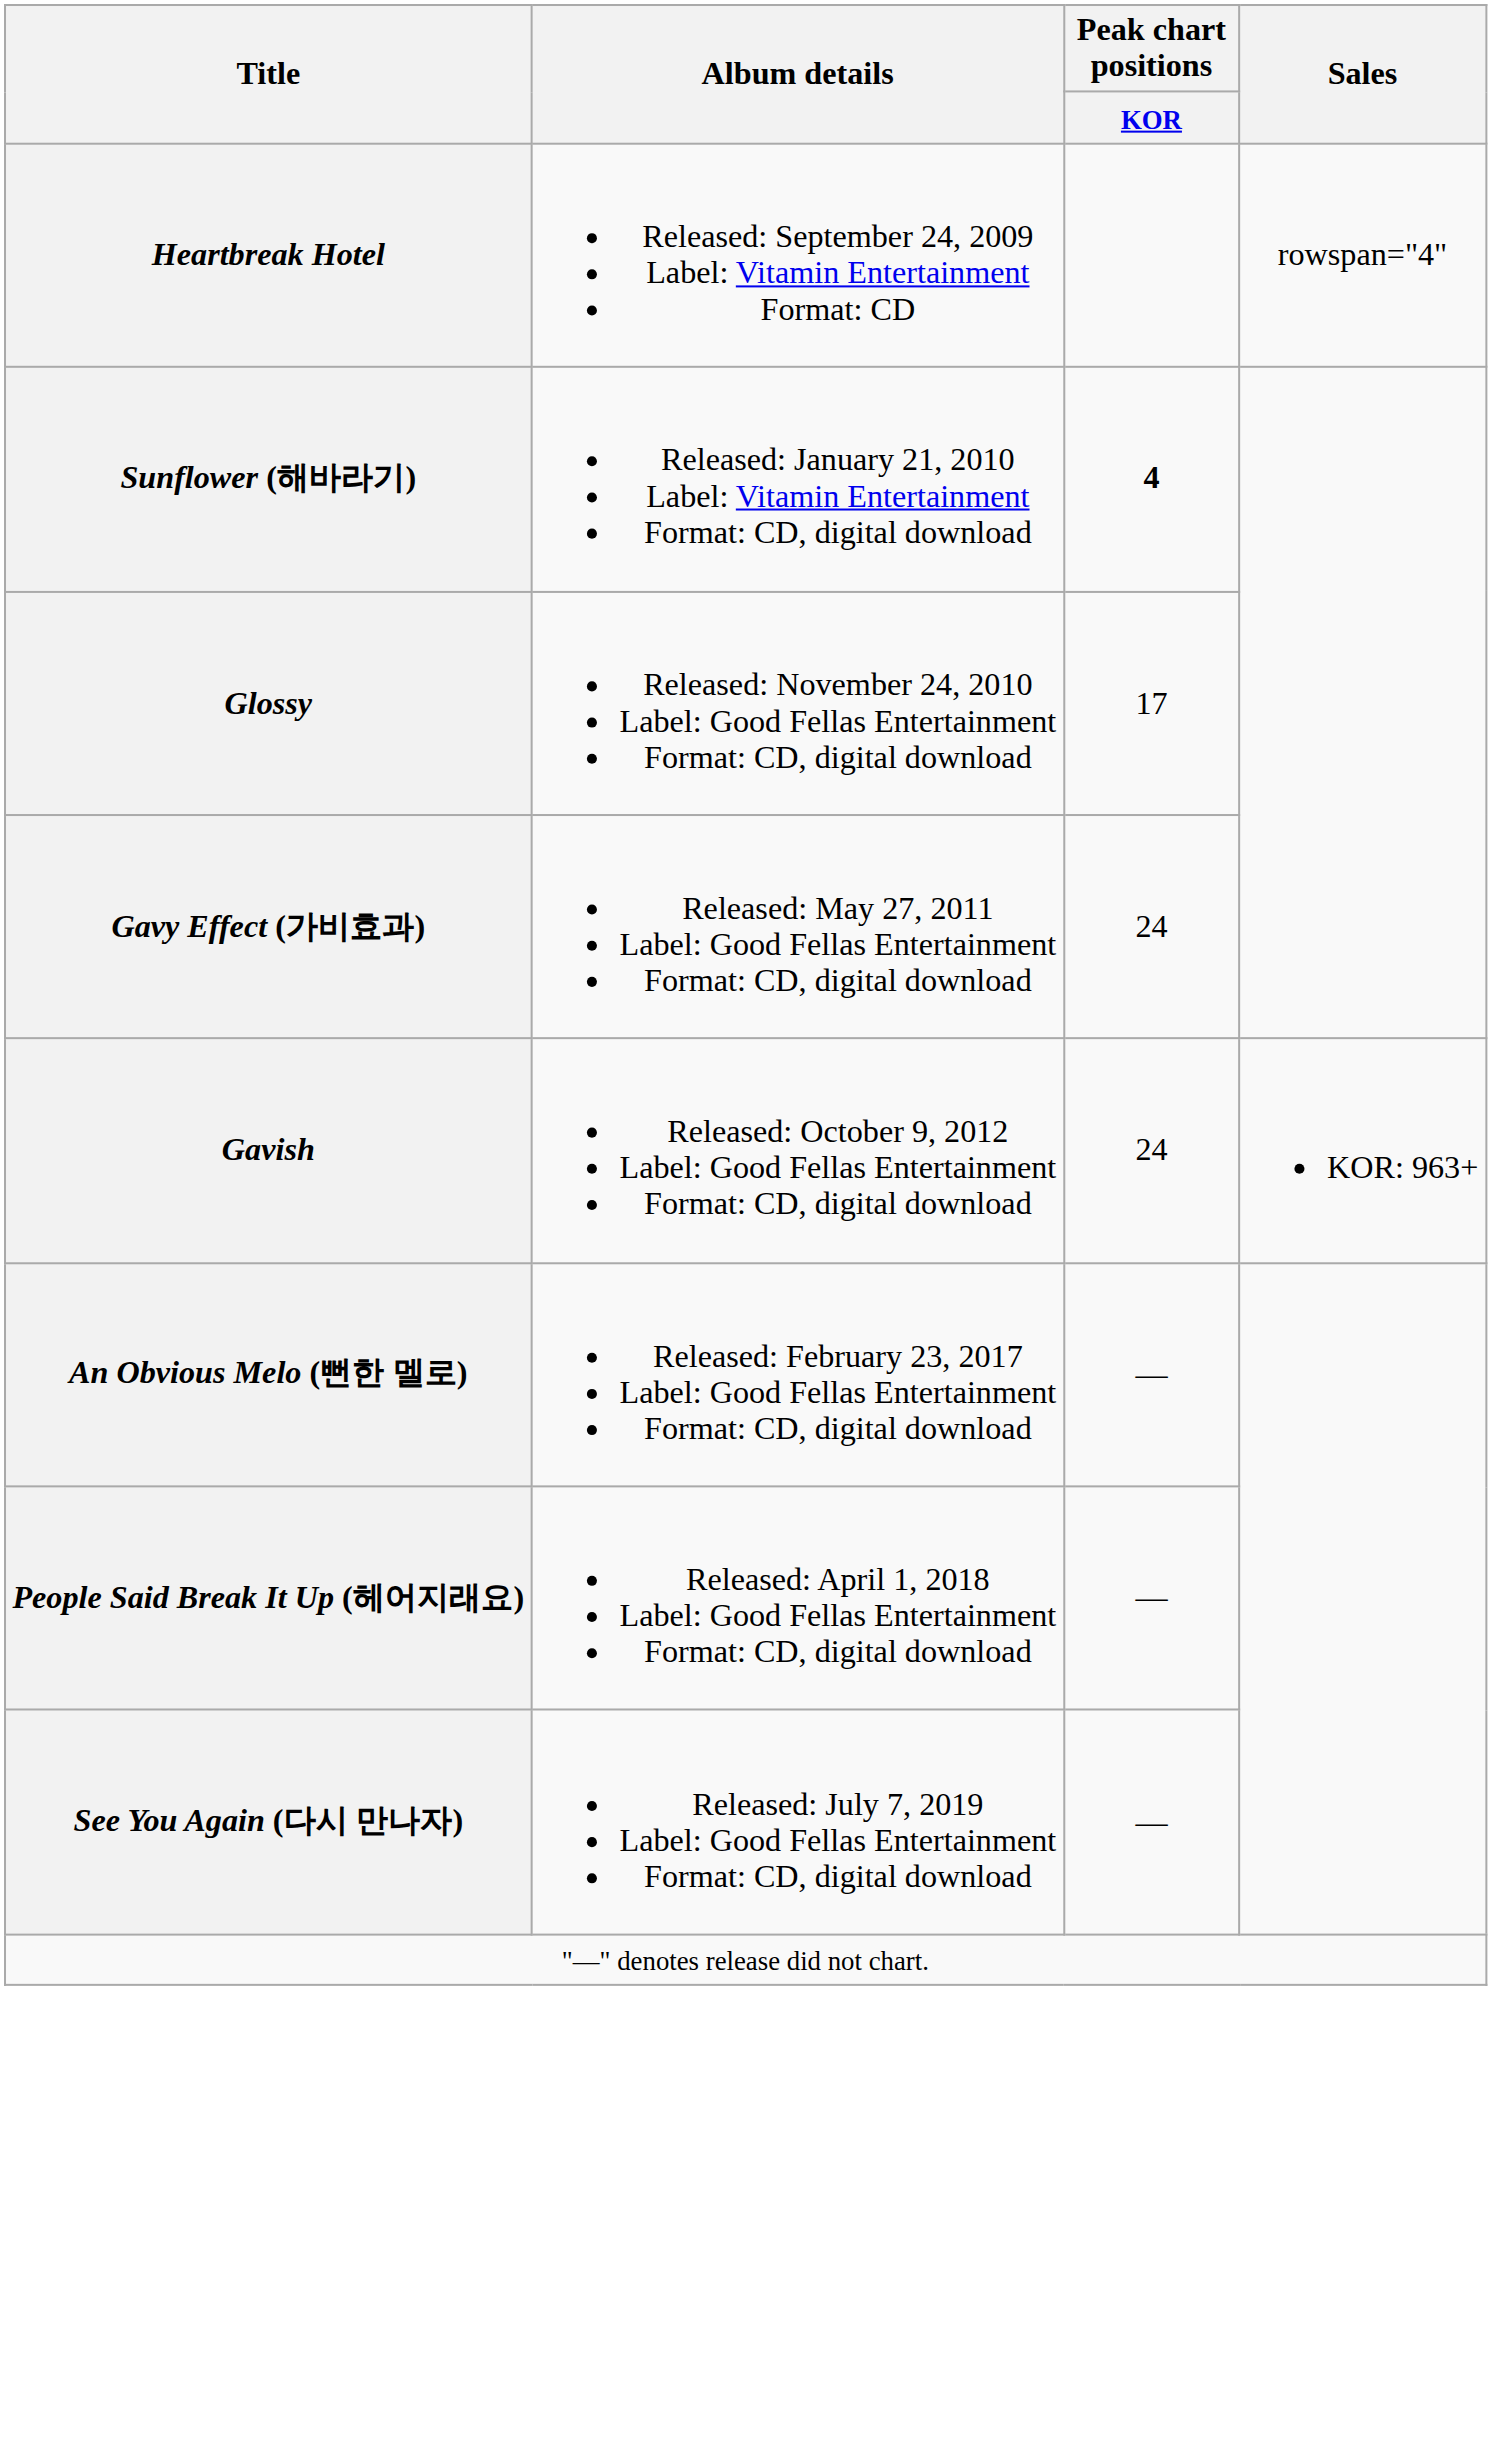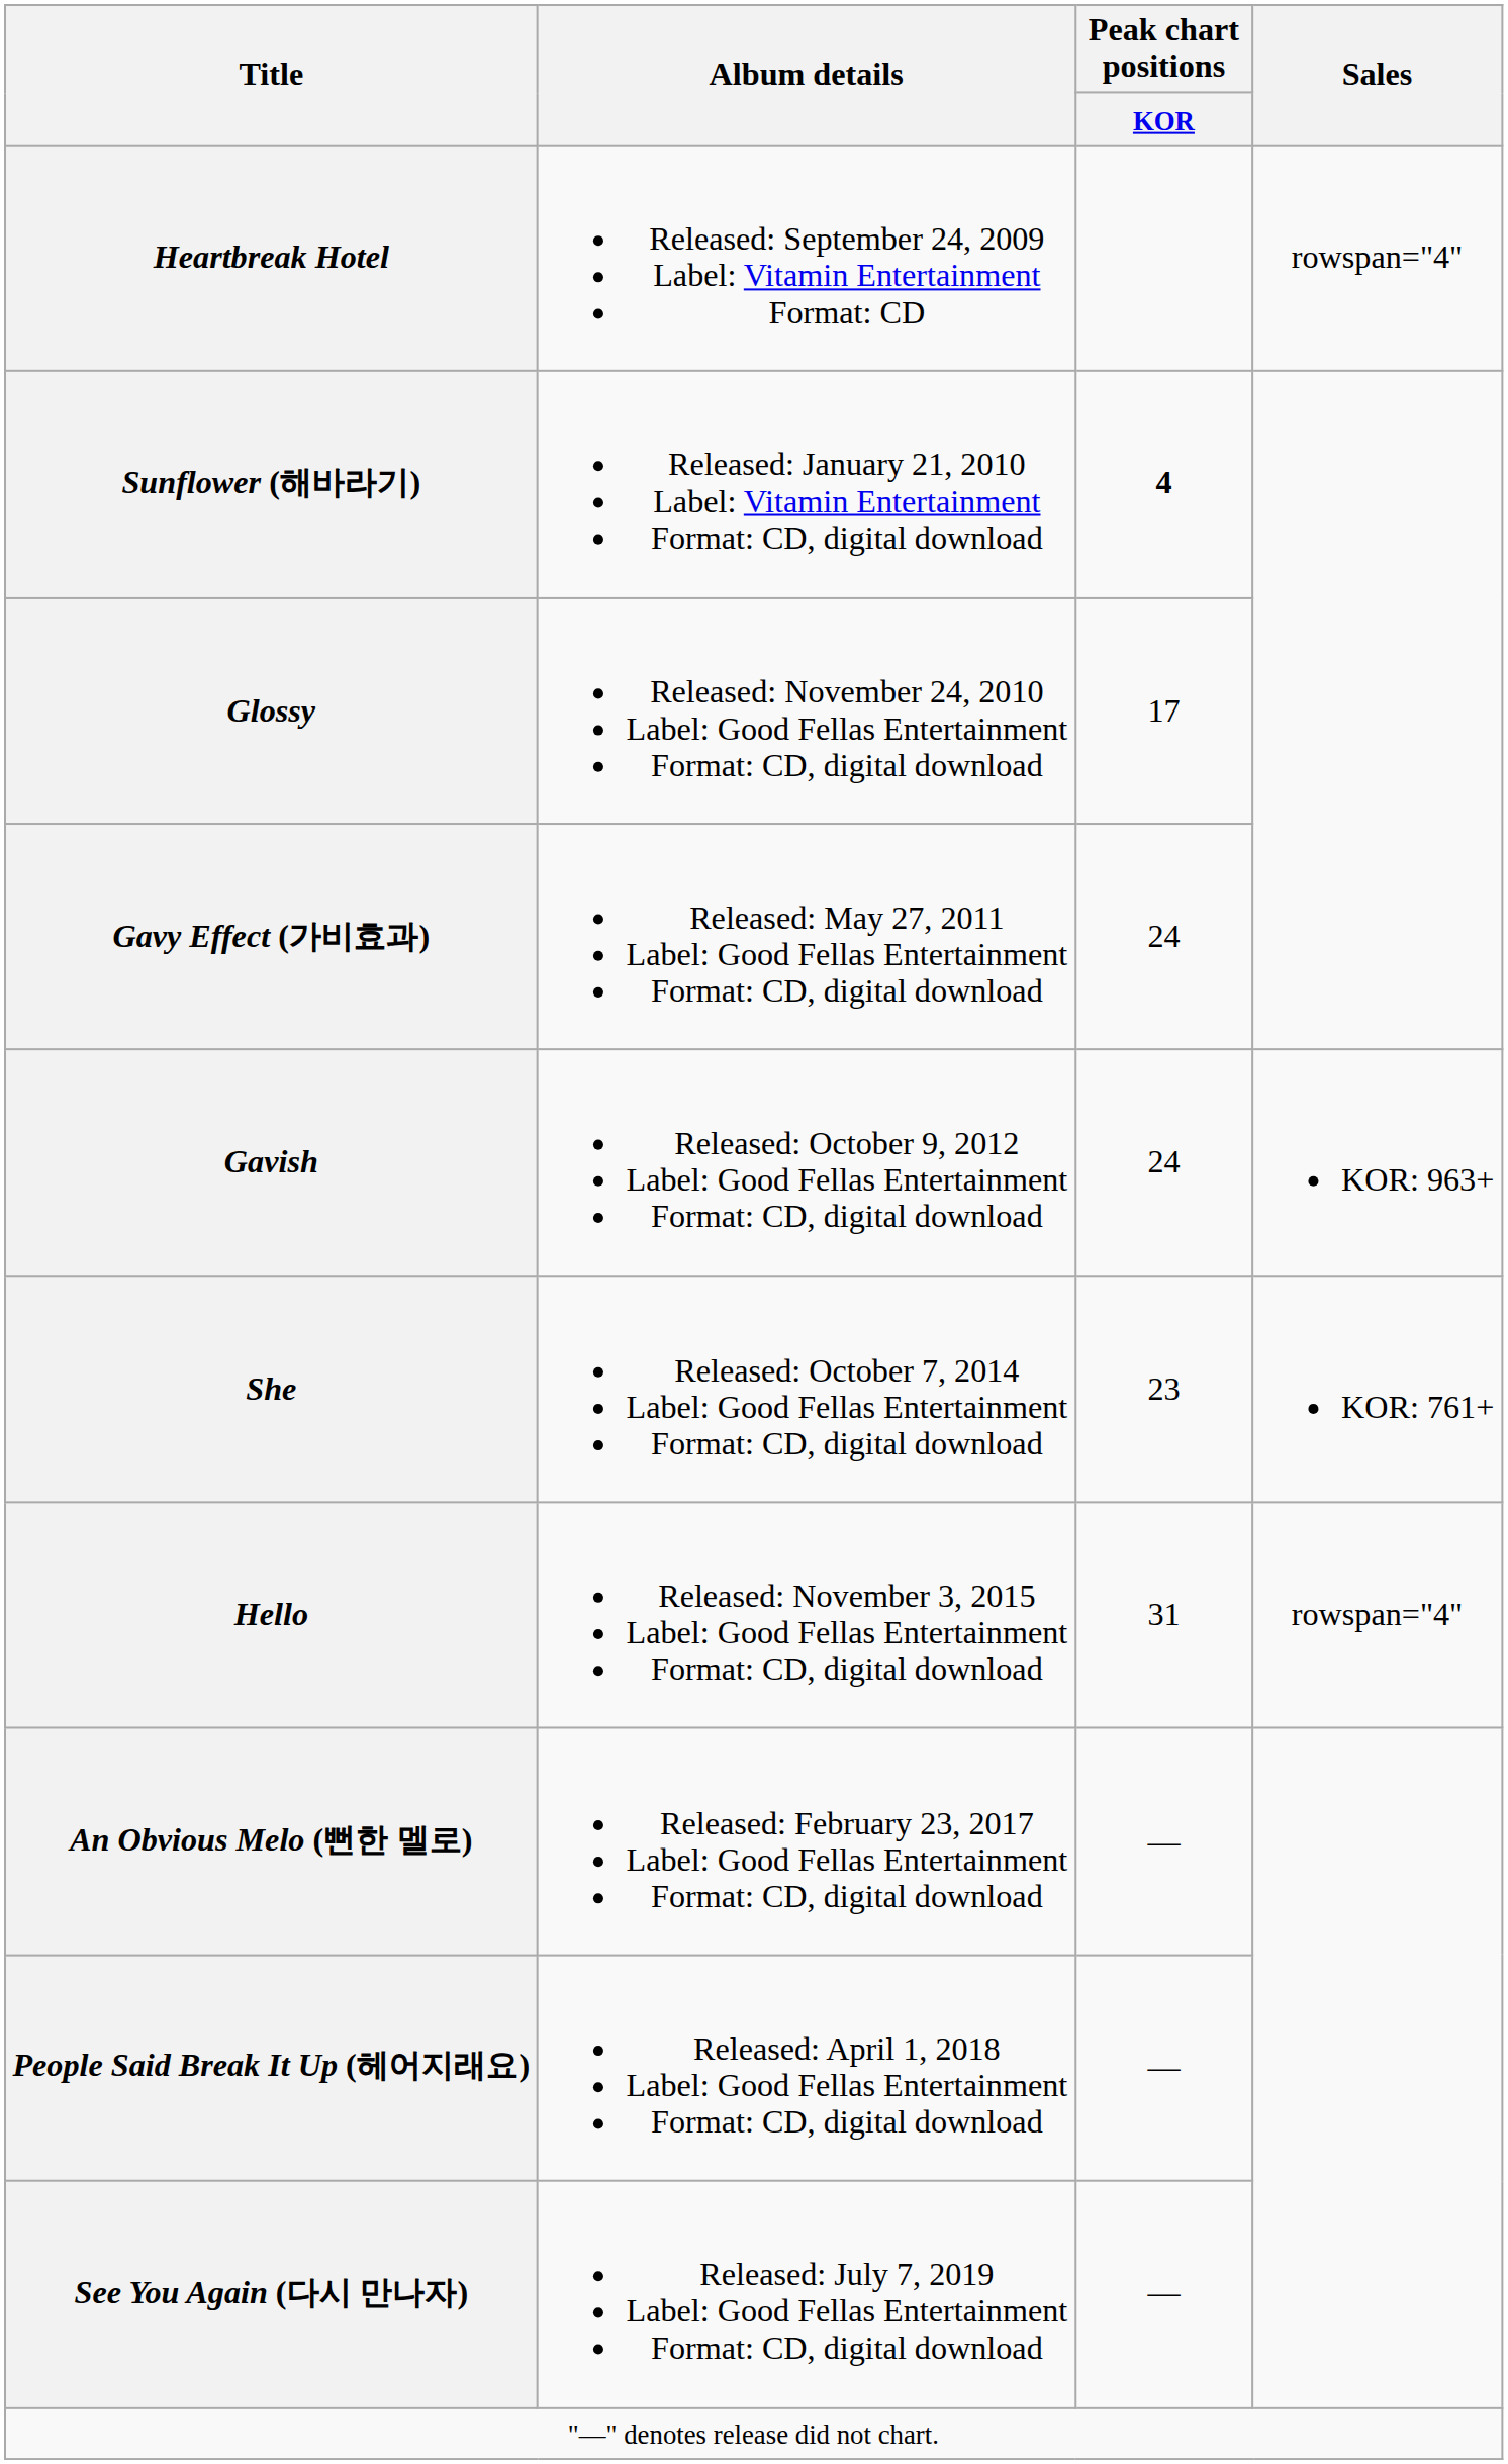 <table class="wikitable plainrowheaders" style="text-align:center;">
 <tr>
 <th scope="col" rowspan="2">Title</th>
 <th scope="col" rowspan="2">Album details</th>
 <th scope="col" colspan="1" style="width:5em;">Peak chart positions</th>
 <th scope="col" rowspan="2">Sales</th>
 </tr>
 <tr>
 <th><small><a href='#'>KOR</a></small><br></th>
 </tr>
 <tr>
 <th scope="row"><em>Heartbreak Hotel</em></th>
 <td><br><ul><li>Released: September 24, 2009</li><li>Label: <a href='#'>Vitamin Entertainment</a></li><li>Format: CD</li></ul></td>
 <td></td>
 <td>rowspan="4" </td>
 </tr>
 <tr>
 <th scope="row"><em>Sunflower</em> (해바라기)</th>
 <td><br><ul><li>Released: January 21, 2010</li><li>Label: <a href='#'>Vitamin Entertainment</a></li><li>Format: CD, digital download</li></ul></td>
 <td><strong>4</strong></td>
 </tr>
 <tr>
 <th scope="row"><em>Glossy</em></th>
 <td><br><ul><li>Released: November 24, 2010</li><li>Label: Good Fellas Entertainment</li><li>Format: CD, digital download</li></ul></td>
 <td>17</td>
 </tr>
 <tr>
 <th scope="row"><em>Gavy Effect</em> (가비효과)</th>
 <td><br><ul><li>Released: May 27, 2011</li><li>Label: Good Fellas Entertainment</li><li>Format: CD, digital download</li></ul></td>
 <td>24</td>
 </tr>
 <tr>
 <th scope="row"><em>Gavish</em></th>
 <td><br><ul><li>Released: October 9, 2012</li><li>Label: Good Fellas Entertainment</li><li>Format: CD, digital download</li></ul></td>
 <td>24</td>
 <td><br><ul><li>KOR: 963+</li></ul></td>
 </tr>
 <tr>
+<th scope="row"><em>She</em></th>
+<td><br><ul><li>Released: October 7, 2014</li><li>Label: Good Fellas Entertainment</li><li>Format: CD, digital download</li></ul></td>
+<td>23</td>
+<td><br><ul><li>KOR: 761+</li></ul></td>
+</tr>
+<tr>
+<th scope="row"><em>Hello</em></th>
+<td><br><ul><li>Released: November 3, 2015</li><li>Label: Good Fellas Entertainment</li><li>Format: CD, digital download</li></ul></td>
+<td>31</td>
+<td>rowspan="4" </td>
+</tr>
+<tr>
 <th scope="row"><em>An Obvious Melo</em> (뻔한 멜로)</th>
 <td><br><ul><li>Released: February 23, 2017</li><li>Label: Good Fellas Entertainment</li><li>Format: CD, digital download</li></ul></td>
 <td>—</td>
 </tr>
 <tr>
 <th scope="row"><em>People Said Break It Up</em> (헤어지래요)</th>
 <td><br><ul><li>Released: April 1, 2018</li><li>Label: Good Fellas Entertainment</li><li>Format: CD, digital download</li></ul></td>
 <td>—</td>
 </tr>
 <tr>
 <th scope="row"><em>See You Again</em> (다시 만나자)</th>
 <td><br><ul><li>Released: July 7, 2019</li><li>Label: Good Fellas Entertainment</li><li>Format: CD, digital download</li></ul></td>
 <td>—</td>
 </tr>
 <tr>
 <td colspan="4"><small>"—" denotes release did not chart.</small></td>
 </tr>
 </table>
